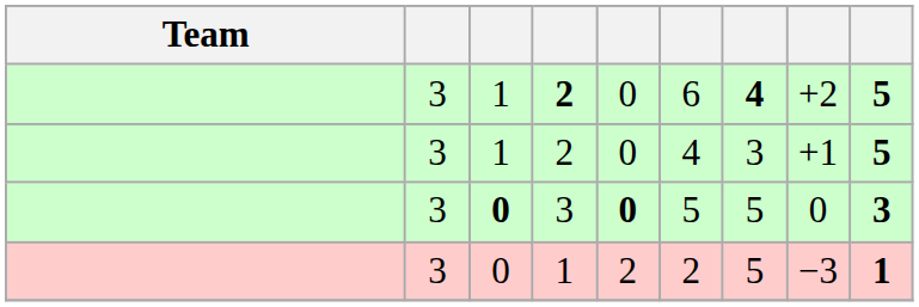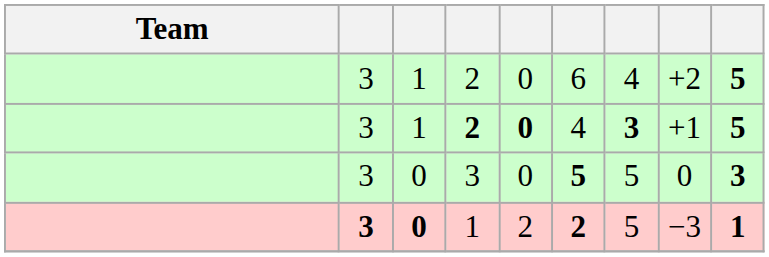 <table class=wikitable style="text-align:center">
 <tr>
 <th width="165">Team</th>
 <th width="20"></th>
 <th width="20"></th>
 <th width="20"></th>
 <th width="20"></th>
 <th width="20"></th>
 <th width="20"></th>
 <th width="20"></th>
 <th width="20"></th>
 </tr>
 <tr bgcolor=#ccffcc>
 <td align=left></td>
 <td>3</td>
 <td>1</td>
-<td><strong>2</strong></td>
+<td>2</td>
 <td>0</td>
 <td>6</td>
-<td><strong>4</strong></td>
+<td>4</td>
 <td>+2</td>
 <td><strong>5</strong></td>
 </tr>
 <tr bgcolor=#ccffcc>
 <td align=left></td>
 <td>3</td>
 <td>1</td>
-<td>2</td>
-<td>0</td>
+<td><strong>2</strong></td>
+<td><strong>0</strong></td>
 <td>4</td>
-<td>3</td>
+<td><strong>3</strong></td>
 <td>+1</td>
 <td><strong>5</strong></td>
 </tr>
 <tr bgcolor=#ccffcc>
 <td align=left></td>
 <td>3</td>
-<td><strong>0</strong></td>
+<td>0</td>
 <td>3</td>
-<td><strong>0</strong></td>
-<td>5</td>
+<td>0</td>
+<td><strong>5</strong></td>
 <td>5</td>
 <td>0</td>
 <td><strong>3</strong></td>
 </tr>
 <tr bgcolor=#ffcccc>
 <td align=left></td>
-<td>3</td>
-<td>0</td>
+<td><strong>3</strong></td>
+<td><strong>0</strong></td>
 <td>1</td>
 <td>2</td>
-<td>2</td>
+<td><strong>2</strong></td>
 <td>5</td>
 <td>−3</td>
 <td><strong>1</strong></td>
 </tr>
 <tr>
 </tr>
 </table>
